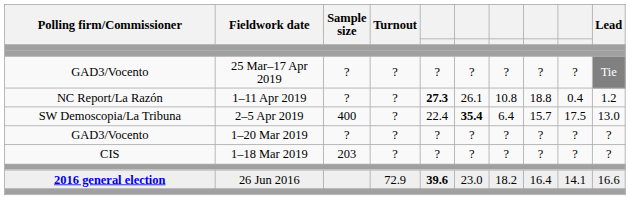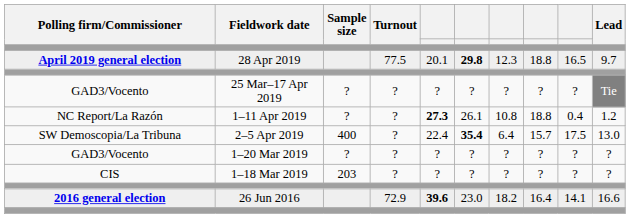 <table class="wikitable collapsible collapsed" style="text-align:center; font-size:95%; line-height:16px;">
 <tr style="height:42px;">
 <th style="width:250px;" rowspan="2">Polling firm/Commissioner</th>
 <th style="width:125px;" rowspan="2">Fieldwork date</th>
 <th style="width:50px;" rowspan="2">Sample size</th>
 <th style="width:45px;" rowspan="2">Turnout</th>
 <th style="width:35px;"></th>
 <th style="width:35px;"></th>
 <th style="width:35px;"></th>
 <th style="width:35px;"></th>
 <th style="width:35px;"></th>
 <th style="width:30px;" rowspan="2">Lead</th>
 </tr>
 <tr>
 <th style="color:inherit;background:"></th>
 <th style="color:inherit;background:"></th>
 <th style="color:inherit;background:"></th>
 <th style="color:inherit;background:"></th>
 <th style="color:inherit;background:"></th>
 </tr>
 <tr>
 <td colspan="10" style="background:#A0A0A0"></td>
+</tr>
+<tr style="background:#EFEFEF;">
+<td><strong><a href='#'>April 2019 general election</a></strong></td>
+<td>28 Apr 2019</td>
+<td></td>
+<td>77.5</td>
+<td>20.1<br></td>
+<td><strong>29.8</strong><br></td>
+<td>12.3<br></td>
+<td>18.8<br></td>
+<td>16.5<br></td>
+<td style="background:">9.7</td>
 </tr>
 <tr>
 <td colspan="10" style="background:#A0A0A0"></td>
 </tr>
 <tr>
 <td>GAD3/Vocento</td>
 <td>25 Mar–17 Apr 2019</td>
 <td>?</td>
 <td>?</td>
 <td>?<br></td>
 <td>?<br></td>
 <td>?<br></td>
 <td>?<br></td>
 <td>?<br></td>
 <td style="background:gray;color:white;">Tie</td>
 </tr>
 <tr>
 <td>NC Report/La Razón</td>
 <td>1–11 Apr 2019</td>
 <td>?</td>
 <td>?</td>
 <td><strong>27.3</strong><br></td>
 <td>26.1<br></td>
 <td>10.8<br></td>
 <td>18.8<br></td>
 <td>0.4<br></td>
 <td style="background:">1.2</td>
 </tr>
 <tr>
 <td>SW Demoscopia/La Tribuna</td>
 <td>2–5 Apr 2019</td>
 <td>400</td>
 <td>?</td>
 <td>22.4<br></td>
 <td><strong>35.4</strong><br></td>
 <td>6.4<br></td>
 <td>15.7<br></td>
 <td>17.5<br></td>
 <td style="background:">13.0</td>
 </tr>
 <tr>
 <td>GAD3/Vocento</td>
 <td>1–20 Mar 2019</td>
 <td>?</td>
 <td>?</td>
 <td>?<br></td>
 <td>?<br></td>
 <td>?<br></td>
 <td>?<br></td>
 <td>?<br></td>
 <td style="background:">?</td>
 </tr>
 <tr>
 <td>CIS</td>
 <td>1–18 Mar 2019</td>
 <td>203</td>
 <td>?</td>
 <td>?<br></td>
 <td>?<br></td>
 <td>?<br></td>
 <td>?<br></td>
 <td>?<br></td>
 <td style="background:">?</td>
 </tr>
 <tr>
 <td colspan="10" style="background:#A0A0A0"></td>
 </tr>
 <tr style="background:#EFEFEF;">
 <td><strong><a href='#'>2016 general election</a></strong></td>
 <td>26 Jun 2016</td>
 <td></td>
 <td>72.9</td>
 <td><strong>39.6</strong><br></td>
 <td>23.0<br></td>
 <td>18.2<br></td>
 <td>16.4<br></td>
 <td>14.1<br></td>
 <td style="background:">16.6</td>
 </tr>
 <tr>
 <td colspan="10" style="background:#A0A0A0"></td>
 </tr>
 </table>
